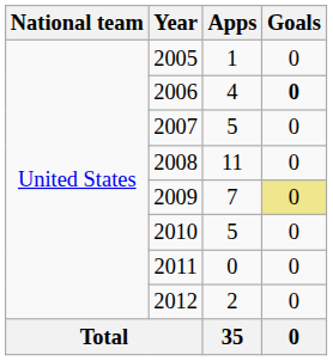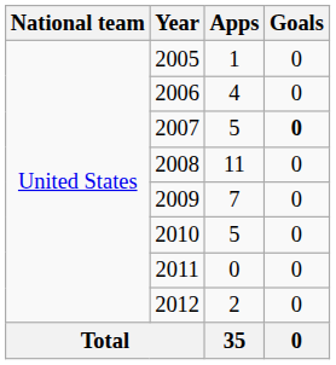 <table class="wikitable" style="text-align:center">
 <tr>
 <th>National team</th>
 <th>Year</th>
 <th>Apps</th>
 <th>Goals</th>
 </tr>
 <tr>
 <td rowspan="8"><a href='#'>United States</a></td>
 <td>2005</td>
 <td>1</td>
 <td>0</td>
 </tr>
 <tr>
 <td>2006</td>
 <td>4</td>
-<td><strong>0</strong></td>
+<td>0</td>
 </tr>
 <tr>
 <td>2007</td>
 <td>5</td>
-<td>0</td>
+<td><strong>0</strong></td>
 </tr>
 <tr>
 <td>2008</td>
 <td>11</td>
 <td>0</td>
 </tr>
 <tr>
 <td>2009</td>
 <td>7</td>
-<td style="background: khaki;">0</td>
+<td>0</td>
 </tr>
 <tr>
 <td>2010</td>
 <td>5</td>
 <td>0</td>
 </tr>
 <tr>
 <td>2011</td>
 <td>0</td>
 <td>0</td>
 </tr>
 <tr>
 <td>2012</td>
 <td>2</td>
 <td>0</td>
 </tr>
 <tr>
 <th colspan="2">Total</th>
 <th>35</th>
 <th>0</th>
 </tr>
 </table>
